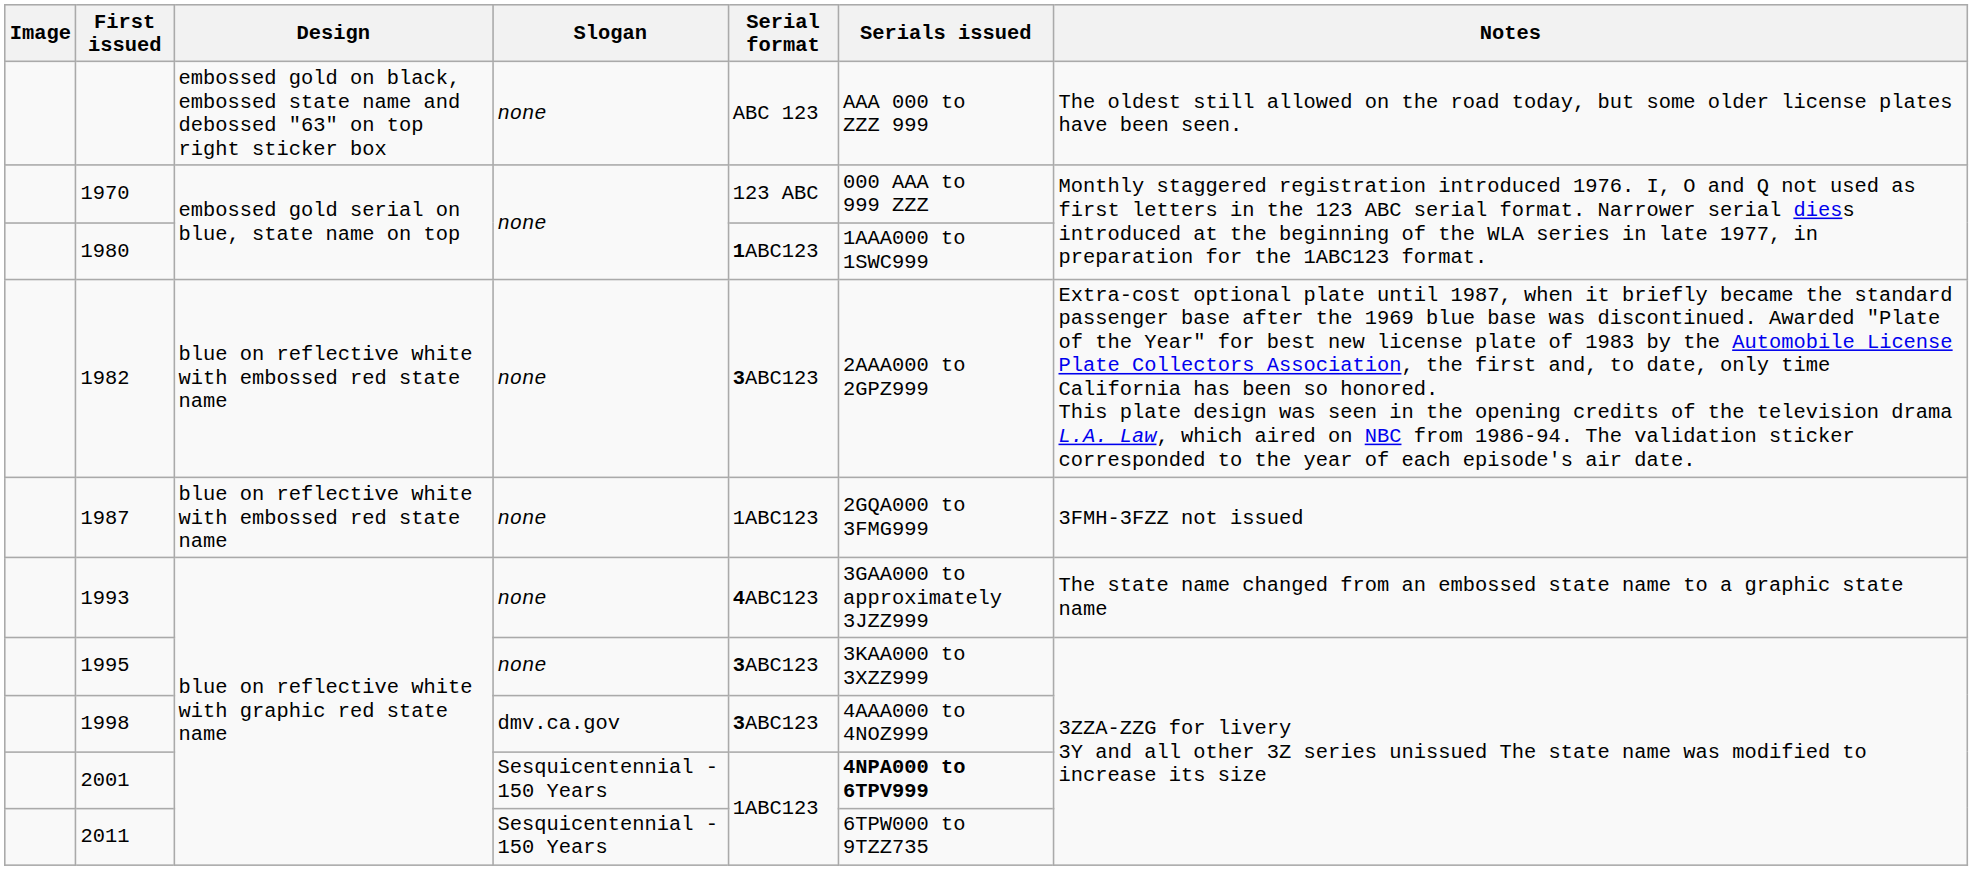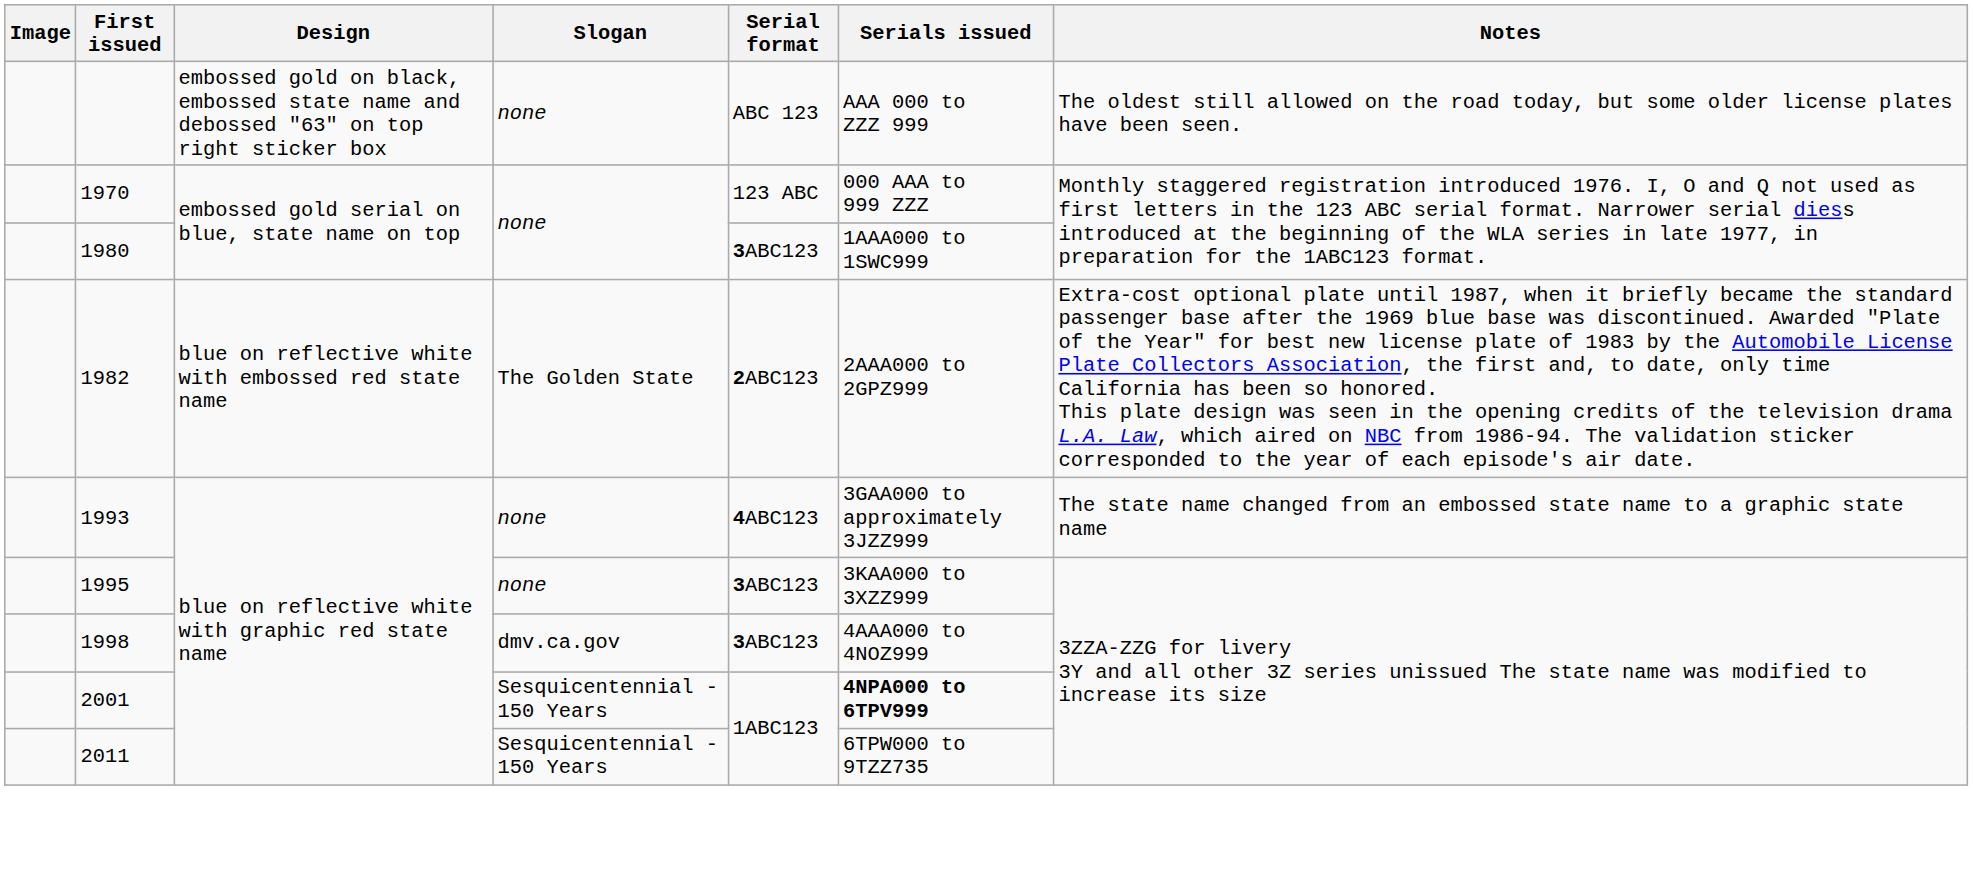 <table class="wikitable">
 <tr>
 <th>Image</th>
 <th>First issued</th>
 <th>Design</th>
 <th>Slogan</th>
 <th>Serial format</th>
 <th>Serials issued</th>
 <th>Notes</th>
 </tr>
 <tr>
 <td></td>
 <td></td>
 <td>embossed gold on black, embossed state name and debossed "63" on top right sticker box</td>
 <td><em>none</em></td>
 <td>ABC 123</td>
 <td>AAA 000 to ZZZ 999</td>
 <td>The oldest still allowed on the road today, but some older license plates have been seen.</td>
 </tr>
 <tr>
 <td></td>
 <td>1970</td>
 <td rowspan="2">embossed gold serial on blue, state name on top</td>
 <td rowspan="2"><em>none</em></td>
 <td>123 ABC</td>
 <td>000 AAA to 999 ZZZ</td>
 <td rowspan="2">Monthly staggered registration introduced 1976. I, O and Q not used as first letters in the 123 ABC serial format. Narrower serial <a href='#'>dies</a>s introduced at the beginning of the WLA series in late 1977, in preparation for the 1ABC123 format.</td>
 </tr>
 <tr>
 <td></td>
 <td>1980</td>
-<td><strong>1</strong>ABC123</td>
+<td><strong>3</strong>ABC123</td>
 <td>1AAA000 to 1SWC999</td>
 </tr>
 <tr>
 <td></td>
 <td>1982</td>
 <td>blue on reflective white with embossed red state name</td>
-<td><em>none</em></td>
-<td><strong>3</strong>ABC123</td>
+<td>The Golden State</td>
+<td><strong>2</strong>ABC123</td>
 <td>2AAA000 to 2GPZ999</td>
 <td>Extra-cost optional plate until 1987, when it briefly became the standard passenger base after the 1969 blue base was discontinued. Awarded "Plate of the Year" for best new license plate of 1983 by the <a href='#'>Automobile License Plate Collectors Association</a>, the first and, to date, only time California has been so honored.<br>This plate design was seen in the opening credits of the television drama <em><a href='#'>L.A. Law</a></em>, which aired on <a href='#'>NBC</a> from 1986-94. The validation sticker corresponded to the year of each episode's air date.</td>
-</tr>
-<tr>
-<td></td>
-<td>1987</td>
-<td>blue on reflective white with embossed red state name</td>
-<td><em>none</em></td>
-<td>1ABC123</td>
-<td>2GQA000 to 3FMG999</td>
-<td>3FMH-3FZZ not issued</td>
 </tr>
 <tr>
 <td></td>
 <td>1993</td>
 <td rowspan="5">blue on reflective white with graphic red state name</td>
 <td><em>none</em></td>
 <td><strong>4</strong>ABC123</td>
 <td>3GAA000 to approximately 3JZZ999</td>
 <td>The state name changed from an embossed state name to a graphic state name</td>
 </tr>
 <tr>
 <td></td>
 <td>1995</td>
 <td><em>none</em></td>
 <td><strong>3</strong>ABC123</td>
 <td>3KAA000 to 3XZZ999</td>
 <td rowspan="4">3ZZA-ZZG for livery<br>3Y and all other 3Z series unissued The state name was modified to increase its size</td>
 </tr>
 <tr>
 <td></td>
 <td>1998</td>
 <td>dmv.ca.gov</td>
 <td><strong>3</strong>ABC123</td>
 <td>4AAA000 to 4NOZ999</td>
 </tr>
 <tr>
 <td></td>
 <td>2001</td>
 <td>Sesquicentennial - 150 Years</td>
 <td rowspan="2">1ABC123</td>
 <td><strong>4NPA000 to 6TPV999</strong></td>
 </tr>
 <tr>
 <td></td>
 <td>2011</td>
 <td>Sesquicentennial - 150 Years</td>
 <td>6TPW000 to 9TZZ735 </td>
 </tr>
 </table>
